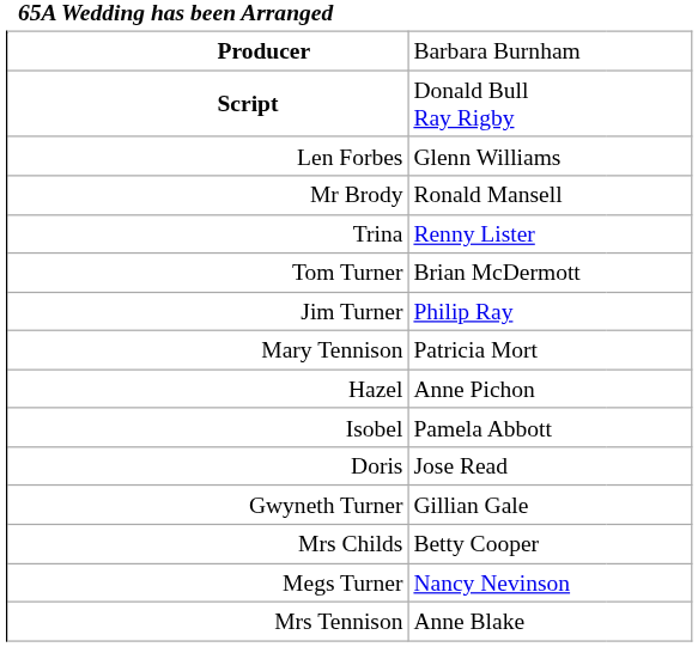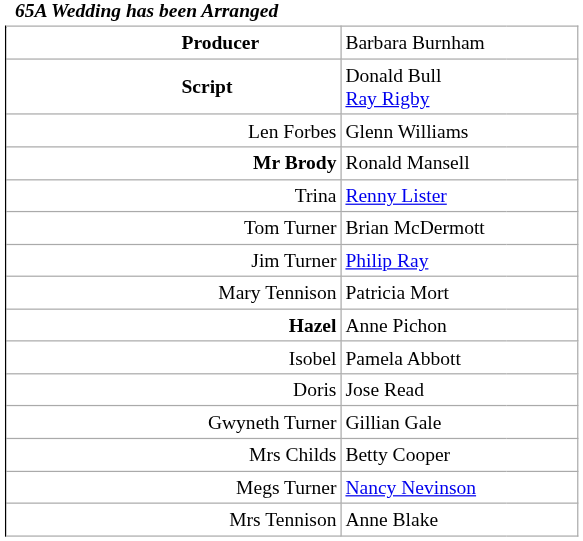 <table class="wikitable mw-collapsible mw-collapsed" style="vertical-align:top;margin:auto 2em;line-height:1.2;min-width:33em;display: inline-table;background-color:inherit;border:none;">
 <tr>
 <td class=unsortable style="border:hidden;line-height:1.67;text-align:center;margin-left:-1em;padding-left:0.5em;min-width:1.0em;"></td>
 <td class=unsortable style="border:none;padding-left:0.5em;text-align:left;min-width:16.5em;font-weight:700;font-style:italic;">65A Wedding has been Arranged</td>
 <td class=unsortable style="border:none;text-align:right;font-weight:normal;font-family:Courier;font-size:95%;letter-spacing:-1pt;min-width:8.5em;padding-right:0.2em;"></td>
 <td class=unsortable style="border:hidden;min-width:3.5em;padding-left:0;"></td>
 <td class=unsortable style="border:none;min-width:3.5em;font-size:95%;"></td>
 </tr>
 <tr>
 <td rowspan=100 style="border:none thin;border-right-style :solid;"></td>
 </tr>
 <tr>
 <td style="text-align:left;padding-left:9.0em;font-weight:bold;">Producer</td>
 <td colspan=2>Barbara Burnham</td>
 </tr>
 <tr>
 <td style="text-align:left;padding-left:9.0em;font-weight:bold;">Script</td>
 <td colspan=2>Donald Bull<br><a href='#'>Ray Rigby</a></td>
 </tr>
 <tr>
 <td style="text-align:right;">Len Forbes</td>
 <td colspan=2>Glenn Williams</td>
 </tr>
 <tr>
-<td style="text-align:right;">Mr Brody</td>
+<td style="text-align:right;"><strong>Mr Brody</strong></td>
 <td colspan=2>Ronald Mansell</td>
 </tr>
 <tr>
 <td style="text-align:right;">Trina</td>
 <td colspan=2><a href='#'>Renny Lister</a></td>
 </tr>
 <tr>
 <td style="text-align:right;">Tom Turner</td>
 <td colspan=2>Brian McDermott</td>
 </tr>
 <tr>
 <td style="text-align:right;">Jim Turner</td>
 <td colspan=2><a href='#'>Philip Ray</a></td>
 </tr>
 <tr>
 <td style="text-align:right;">Mary Tennison</td>
 <td colspan=2>Patricia Mort</td>
 </tr>
 <tr>
-<td style="text-align:right;">Hazel</td>
+<td style="text-align:right;"><strong>Hazel</strong></td>
 <td colspan=2>Anne Pichon</td>
 </tr>
 <tr>
 <td style="text-align:right;">Isobel</td>
 <td colspan=2>Pamela Abbott</td>
 </tr>
 <tr>
 <td style="text-align:right;">Doris</td>
 <td colspan=2>Jose Read</td>
 </tr>
 <tr>
 <td style="text-align:right;">Gwyneth Turner</td>
 <td colspan=2>Gillian Gale</td>
 </tr>
 <tr>
 <td style="text-align:right;">Mrs Childs</td>
 <td colspan=2>Betty Cooper</td>
 </tr>
 <tr>
 <td style="text-align:right;">Megs Turner</td>
 <td colspan=2><a href='#'>Nancy Nevinson</a></td>
 </tr>
 <tr>
 <td style="text-align:right;">Mrs Tennison</td>
 <td colspan=2>Anne Blake</td>
 </tr>
 </table>
